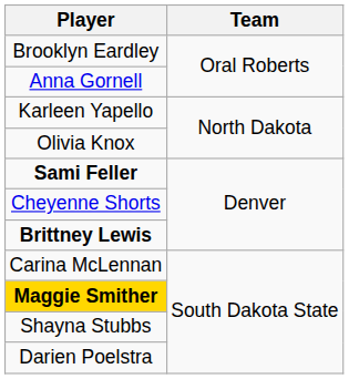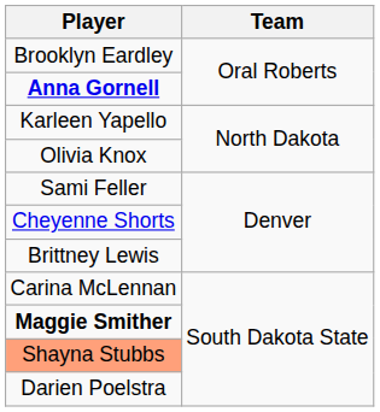 <table class="wikitable" style="text-align: center;">
 <tr>
 <th>Player</th>
 <th>Team</th>
 </tr>
 <tr>
 <td>Brooklyn Eardley</td>
 <td rowspan=2>Oral Roberts</td>
 </tr>
 <tr>
-<td><a href='#'>Anna Gornell</a></td>
+<td><strong><a href='#'>Anna Gornell</a></strong></td>
 </tr>
 <tr>
 <td>Karleen Yapello</td>
 <td rowspan=2>North Dakota</td>
 </tr>
 <tr>
 <td>Olivia Knox</td>
 </tr>
 <tr>
-<td><strong>Sami Feller</strong></td>
+<td>Sami Feller</td>
 <td rowspan=3>Denver</td>
 </tr>
 <tr>
 <td><a href='#'>Cheyenne Shorts</a></td>
 </tr>
 <tr>
-<td><strong>Brittney Lewis</strong></td>
+<td>Brittney Lewis</td>
 </tr>
 <tr>
 <td>Carina McLennan</td>
 <td rowspan=4>South Dakota State</td>
 </tr>
 <tr>
-<td style="background: gold;"><strong>Maggie Smither</strong></td>
+<td><strong>Maggie Smither</strong></td>
 </tr>
 <tr>
-<td>Shayna Stubbs</td>
+<td style="background: lightsalmon;">Shayna Stubbs</td>
 </tr>
 <tr>
 <td>Darien Poelstra</td>
 </tr>
 </table>
